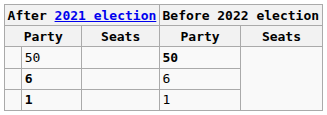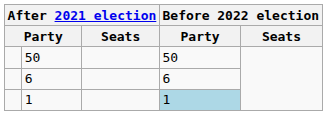 <table class="wikitable">
 <tr>
 <th colspan="3">After <a href='#'>2021 election</a></th>
 <th colspan="3">Before 2022 election</th>
 </tr>
 <tr>
 <th colspan="2">Party</th>
 <th>Seats</th>
 <th colspan="2">Party</th>
 <th>Seats</th>
 </tr>
 <tr>
 <td></td>
 <td>50</td>
 <td></td>
-<td><strong>50</strong></td>
+<td>50</td>
 </tr>
 <tr>
 <td></td>
-<td><strong>6</strong></td>
+<td>6</td>
 <td></td>
 <td>6</td>
 </tr>
 <tr>
 <td></td>
-<td><strong>1</strong></td>
+<td>1</td>
 <td></td>
-<td>1</td>
+<td style="background: lightblue;">1</td>
 </tr>
 </table>
